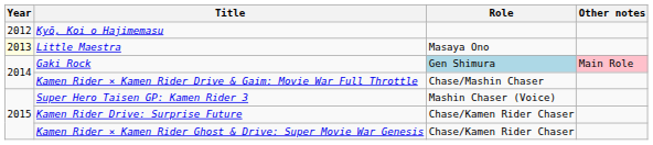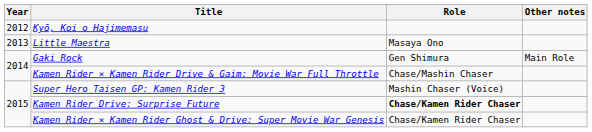 <table class="wikitable" style="font-size: 90%;">
 <tr>
 <th>Year</th>
 <th>Title</th>
 <th>Role</th>
 <th>Other notes</th>
 </tr>
 <tr>
 <td>2012</td>
 <td><em><a href='#'>Kyō, Koi o Hajimemasu</a></em></td>
 <td></td>
 <td></td>
 </tr>
 <tr>
-<td style="background: lightyellow;">2013</td>
+<td>2013</td>
 <td><em><a href='#'>Little Maestra</a></em></td>
 <td>Masaya Ono</td>
 <td></td>
 </tr>
 <tr>
 <td rowspan="2">2014</td>
 <td><em><a href='#'>Gaki Rock</a></em></td>
-<td style="background: lightblue;">Gen Shimura</td>
-<td style="background: pink;">Main Role</td>
+<td>Gen Shimura</td>
+<td>Main Role</td>
 </tr>
 <tr>
 <td><em><a href='#'>Kamen Rider × Kamen Rider Drive & Gaim: Movie War Full Throttle</a></em></td>
 <td>Chase/Mashin Chaser</td>
 <td></td>
 </tr>
 <tr>
 <td rowspan="3">2015</td>
 <td><em><a href='#'>Super Hero Taisen GP: Kamen Rider 3</a></em></td>
 <td>Mashin Chaser (Voice)</td>
 <td></td>
 </tr>
 <tr>
 <td><em><a href='#'>Kamen Rider Drive: Surprise Future</a></em></td>
-<td>Chase/Kamen Rider Chaser</td>
+<td><strong>Chase/Kamen Rider Chaser</strong></td>
 <td></td>
 </tr>
 <tr>
 <td><em><a href='#'>Kamen Rider × Kamen Rider Ghost & Drive: Super Movie War Genesis</a></em></td>
 <td>Chase/Kamen Rider Chaser</td>
 <td></td>
 </tr>
 </table>
